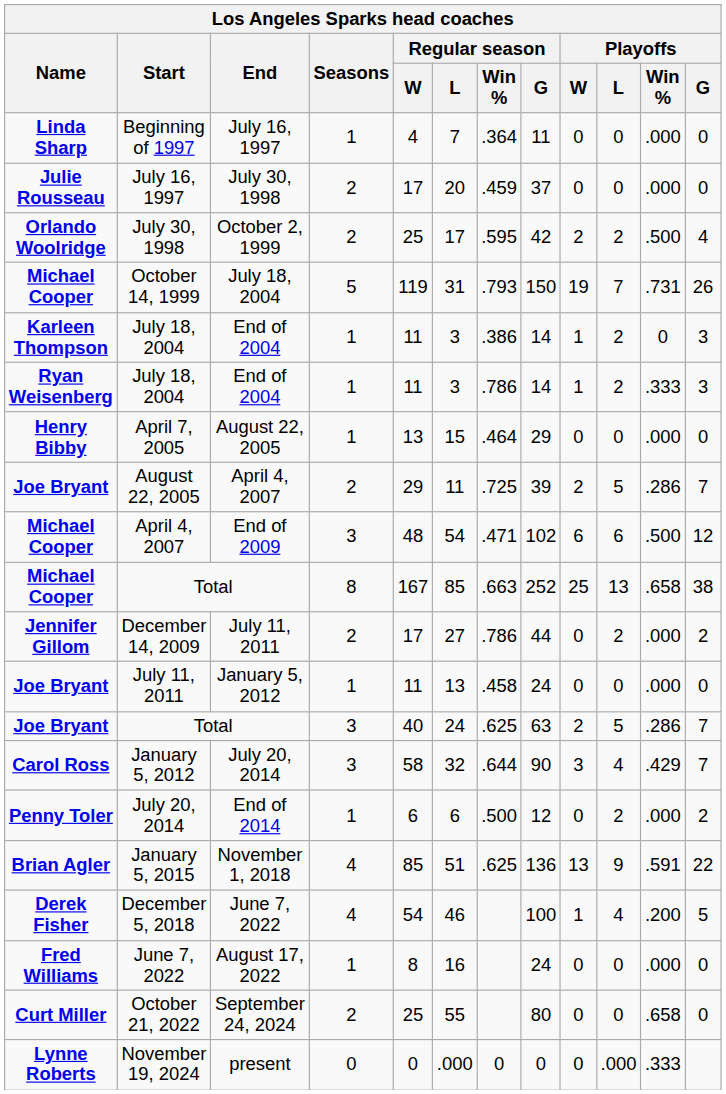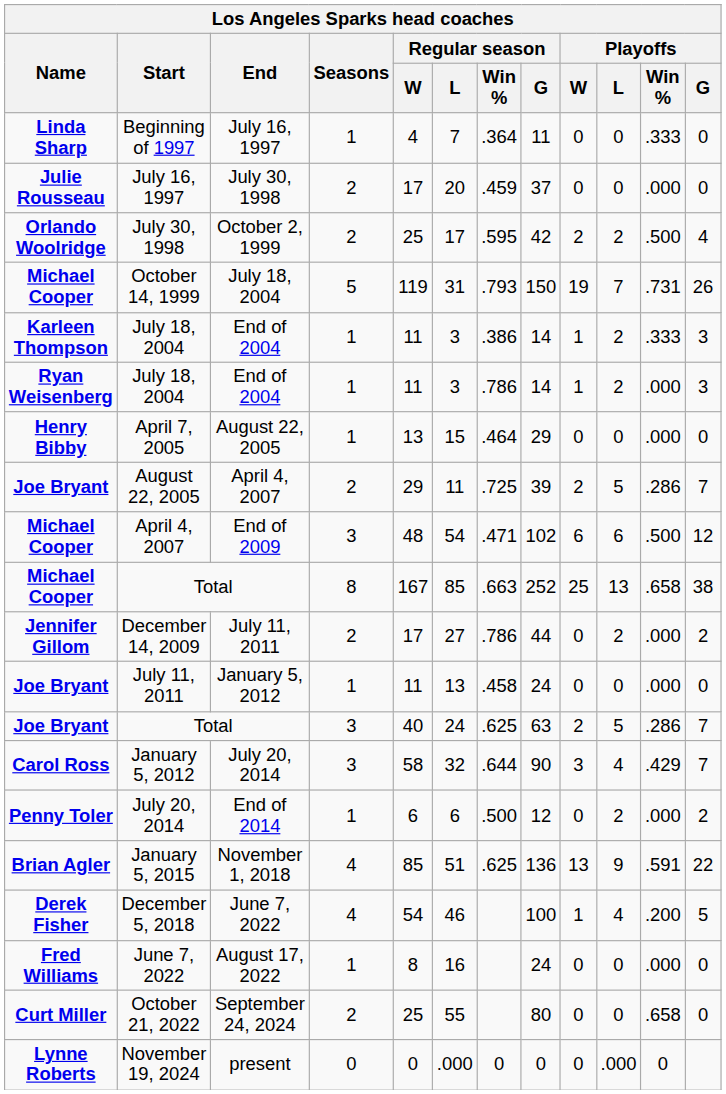 <table class="wikitable"  style="clear:both; margin:1.5em auto; text-align:center;">
 <tr>
 <th colspan=12>Los Angeles Sparks head coaches</th>
 </tr>
 <tr>
 <th style="width:15%;" rowspan=2>Name</th>
 <th style="width:10%;" rowspan=2>Start</th>
 <th style="width:10%;" rowspan=2>End</th>
 <th style="width:5%;"  rowspan=2>Seasons</th>
 <th style="width:20%;" colspan=4>Regular season</th>
 <th style="width:20%;" colspan=4>Playoffs</th>
 </tr>
 <tr>
 <th style="width:5%;">W</th>
 <th style="width:5%;">L</th>
 <th style="width:5%;">Win %</th>
 <th style="width:5%;">G</th>
 <th style="width:5%;">W</th>
 <th style="width:5%;">L</th>
 <th style="width:5%;">Win %</th>
 <th style="width:5%;">G</th>
 </tr>
 <tr>
 <td><strong><a href='#'>Linda Sharp</a></strong></td>
 <td>Beginning of <a href='#'>1997</a></td>
 <td>July 16, 1997</td>
 <td>1</td>
 <td>4</td>
 <td>7</td>
 <td>.364</td>
 <td>11</td>
 <td>0</td>
 <td>0</td>
-<td>.000</td>
+<td>.333</td>
 <td>0</td>
 </tr>
 <tr>
 <td><strong><a href='#'>Julie Rousseau</a></strong></td>
 <td>July 16, 1997</td>
 <td>July 30, 1998</td>
 <td>2</td>
 <td>17</td>
 <td>20</td>
 <td>.459</td>
 <td>37</td>
 <td>0</td>
 <td>0</td>
 <td>.000</td>
 <td>0</td>
 </tr>
 <tr>
 <td><strong><a href='#'>Orlando Woolridge</a></strong></td>
 <td>July 30, 1998</td>
 <td>October 2, 1999</td>
 <td>2</td>
 <td>25</td>
 <td>17</td>
 <td>.595</td>
 <td>42</td>
 <td>2</td>
 <td>2</td>
 <td>.500</td>
 <td>4</td>
 </tr>
 <tr>
 <td><strong><a href='#'>Michael Cooper</a></strong></td>
 <td>October 14, 1999</td>
 <td>July 18, 2004</td>
 <td>5</td>
 <td>119</td>
 <td>31</td>
 <td>.793</td>
 <td>150</td>
 <td>19</td>
 <td>7</td>
 <td>.731</td>
 <td>26</td>
 </tr>
 <tr>
 <td><strong><a href='#'>Karleen Thompson</a></strong></td>
 <td>July 18, 2004</td>
 <td>End of <a href='#'>2004</a></td>
 <td>1</td>
 <td>11</td>
 <td>3</td>
 <td>.386</td>
 <td>14</td>
 <td>1</td>
 <td>2</td>
-<td>0</td>
+<td>.333</td>
 <td>3</td>
 </tr>
 <tr>
 <td><strong><a href='#'>Ryan Weisenberg</a></strong></td>
 <td>July 18, 2004</td>
 <td>End of <a href='#'>2004</a></td>
 <td>1</td>
 <td>11</td>
 <td>3</td>
 <td>.786</td>
 <td>14</td>
 <td>1</td>
 <td>2</td>
-<td>.333</td>
+<td>.000</td>
 <td>3</td>
 </tr>
 <tr>
 <td><strong><a href='#'>Henry Bibby</a></strong></td>
 <td>April 7, 2005</td>
 <td>August 22, 2005</td>
 <td>1</td>
 <td>13</td>
 <td>15</td>
 <td>.464</td>
 <td>29</td>
 <td>0</td>
 <td>0</td>
 <td>.000</td>
 <td>0</td>
 </tr>
 <tr>
 <td><strong><a href='#'>Joe Bryant</a></strong></td>
 <td>August 22, 2005</td>
 <td>April 4, 2007</td>
 <td>2</td>
 <td>29</td>
 <td>11</td>
 <td>.725</td>
 <td>39</td>
 <td>2</td>
 <td>5</td>
 <td>.286</td>
 <td>7</td>
 </tr>
 <tr>
 <td><strong><a href='#'>Michael Cooper</a></strong></td>
 <td>April 4, 2007</td>
 <td>End of <a href='#'>2009</a></td>
 <td>3</td>
 <td>48</td>
 <td>54</td>
 <td>.471</td>
 <td>102</td>
 <td>6</td>
 <td>6</td>
 <td>.500</td>
 <td>12</td>
 </tr>
 <tr>
 <td><strong><a href='#'>Michael Cooper</a></strong></td>
 <td colspan=2>Total</td>
 <td>8</td>
 <td>167</td>
 <td>85</td>
 <td>.663</td>
 <td>252</td>
 <td>25</td>
 <td>13</td>
 <td>.658</td>
 <td>38</td>
 </tr>
 <tr>
 <td><strong><a href='#'>Jennifer Gillom</a></strong></td>
 <td>December 14, 2009</td>
 <td>July 11, 2011</td>
 <td>2</td>
 <td>17</td>
 <td>27</td>
 <td>.786</td>
 <td>44</td>
 <td>0</td>
 <td>2</td>
 <td>.000</td>
 <td>2</td>
 </tr>
 <tr>
 <td><strong><a href='#'>Joe Bryant</a></strong></td>
 <td>July 11, 2011</td>
 <td>January 5, 2012</td>
 <td>1</td>
 <td>11</td>
 <td>13</td>
 <td>.458</td>
 <td>24</td>
 <td>0</td>
 <td>0</td>
 <td>.000</td>
 <td>0</td>
 </tr>
 <tr>
 <td><strong><a href='#'>Joe Bryant</a></strong></td>
 <td colspan=2>Total</td>
 <td>3</td>
 <td>40</td>
 <td>24</td>
 <td>.625</td>
 <td>63</td>
 <td>2</td>
 <td>5</td>
 <td>.286</td>
 <td>7</td>
 </tr>
 <tr>
 <td><strong><a href='#'>Carol Ross</a></strong></td>
 <td>January 5, 2012</td>
 <td>July 20, 2014</td>
 <td>3</td>
 <td>58</td>
 <td>32</td>
 <td>.644</td>
 <td>90</td>
 <td>3</td>
 <td>4</td>
 <td>.429</td>
 <td>7</td>
 </tr>
 <tr>
 <td><strong><a href='#'>Penny Toler</a></strong></td>
 <td>July 20, 2014</td>
 <td>End of <a href='#'>2014</a></td>
 <td>1</td>
 <td>6</td>
 <td>6</td>
 <td>.500</td>
 <td>12</td>
 <td>0</td>
 <td>2</td>
 <td>.000</td>
 <td>2</td>
 </tr>
 <tr>
 <td><strong><a href='#'>Brian Agler</a></strong></td>
 <td>January 5, 2015</td>
 <td>November 1, 2018</td>
 <td>4</td>
 <td>85</td>
 <td>51</td>
 <td>.625</td>
 <td>136</td>
 <td>13</td>
 <td>9</td>
 <td>.591</td>
 <td>22</td>
 </tr>
 <tr>
 <td><strong><a href='#'>Derek Fisher</a></strong></td>
 <td>December 5, 2018</td>
 <td>June 7, 2022</td>
 <td>4</td>
 <td>54</td>
 <td>46</td>
 <td></td>
 <td>100</td>
 <td>1</td>
 <td>4</td>
 <td>.200</td>
 <td>5</td>
 </tr>
 <tr>
 <td><strong><a href='#'>Fred Williams</a></strong></td>
 <td>June 7, 2022</td>
 <td>August 17, 2022</td>
 <td>1</td>
 <td>8</td>
 <td>16</td>
 <td></td>
 <td>24</td>
 <td>0</td>
 <td>0</td>
 <td>.000</td>
 <td>0</td>
 </tr>
 <tr>
 <td><strong><a href='#'>Curt Miller</a></strong></td>
 <td>October 21, 2022</td>
 <td>September 24, 2024</td>
 <td>2</td>
 <td>25</td>
 <td>55</td>
 <td></td>
 <td>80</td>
 <td>0</td>
 <td>0</td>
 <td>.658</td>
 <td>0</td>
 </tr>
 <tr>
 <td><strong><a href='#'>Lynne Roberts</a></strong></td>
 <td>November 19, 2024</td>
 <td>present</td>
 <td>0</td>
 <td>0</td>
 <td>.000</td>
 <td>0</td>
 <td>0</td>
 <td>0</td>
 <td>.000</td>
-<td>.333</td>
+<td>0</td>
 </tr>
 </table>
